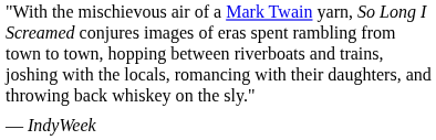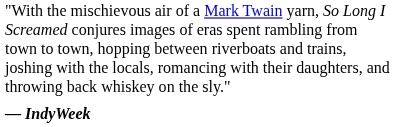 <table class="toccolours" style="float: right; margin-left: 1em; margin-right: 2em; font-size: 85%; background:offwhite; color:black; width:25em; max-width: 40%;" cellspacing="5">
 <tr>
 <td style="text-align: left;">"With the mischievous air of a <a href='#'>Mark Twain</a> yarn, <em>So Long I Screamed</em> conjures images of eras spent rambling from town to town, hopping between riverboats and trains, joshing with the locals, romancing with their daughters, and throwing back whiskey on the sly."</td>
 </tr>
 <tr>
-<td style="text-align: left;">— <em>IndyWeek</em></td>
+<td style="text-align: left;"><strong>— <em>IndyWeek</em></strong></td>
 </tr>
 </table>
